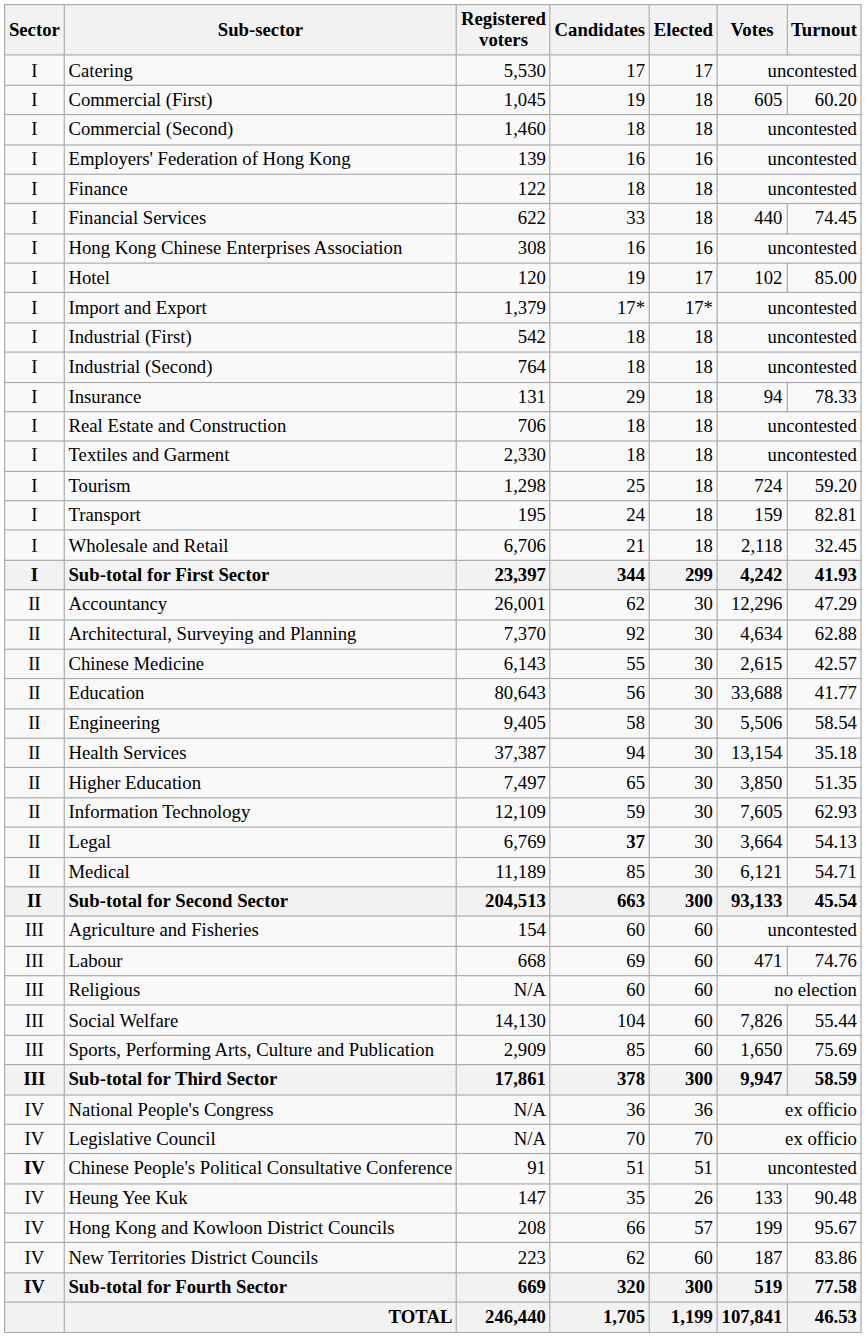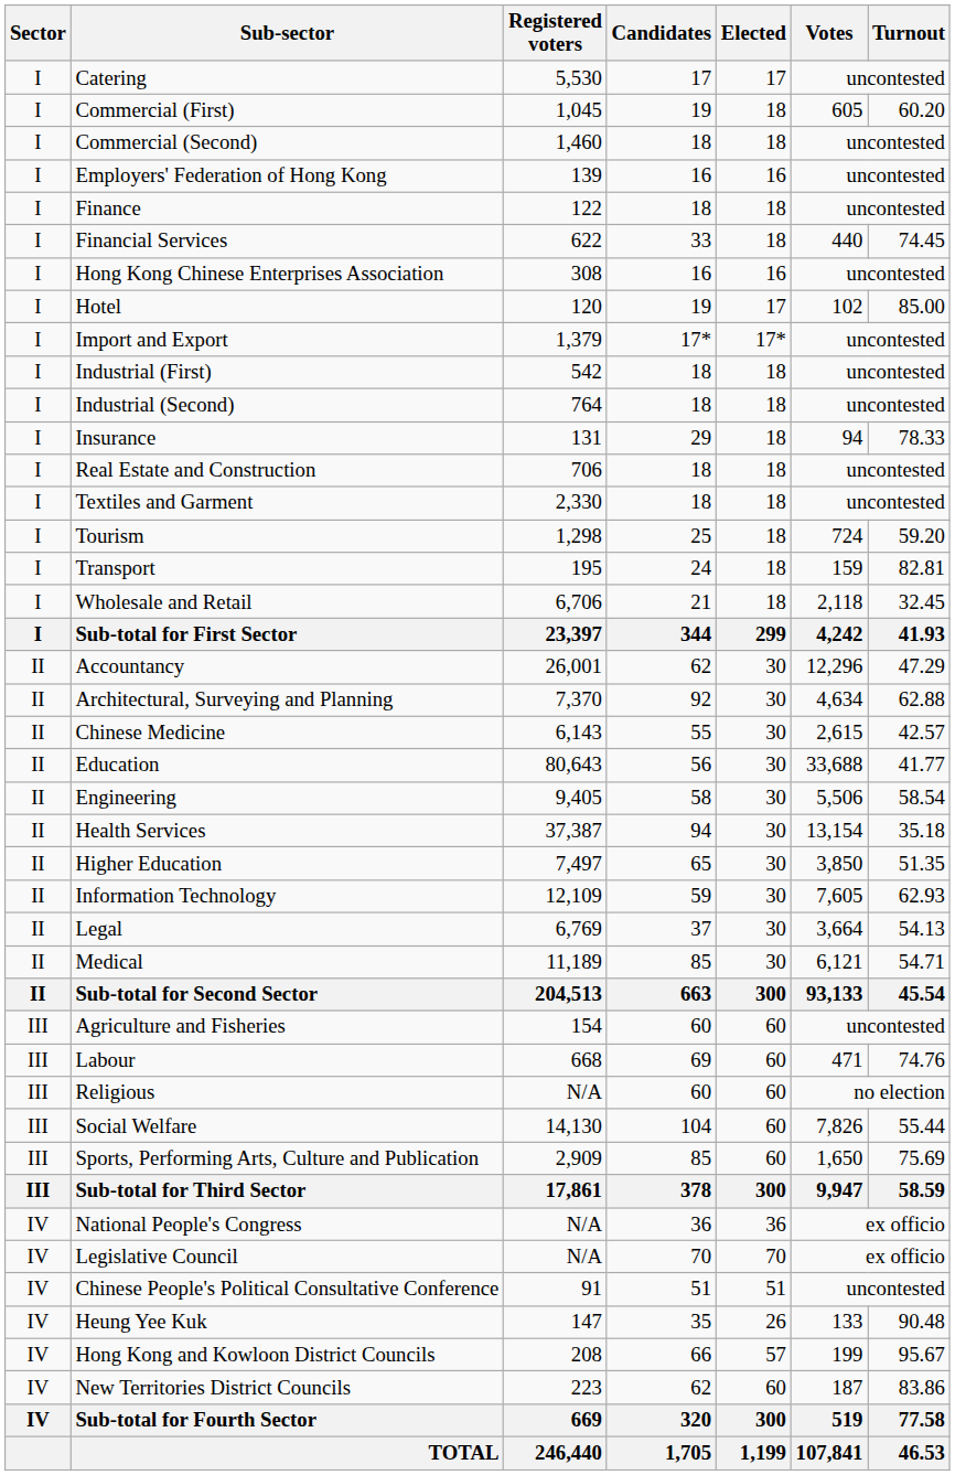 <table class="wikitable" style="text-align:right;">
 <tr>
 <th>Sector</th>
 <th>Sub-sector</th>
 <th>Registered<br>voters</th>
 <th>Candidates</th>
 <th>Elected</th>
 <th>Votes</th>
 <th>Turnout</th>
 </tr>
 <tr>
 <td align=center>I</td>
 <td align=left>Catering</td>
 <td>5,530</td>
 <td>17</td>
 <td>17</td>
 <td colspan=2>uncontested</td>
 </tr>
 <tr>
 <td align=center>I</td>
 <td align=left>Commercial (First)</td>
 <td>1,045</td>
 <td>19</td>
 <td>18</td>
 <td>605</td>
 <td>60.20</td>
 </tr>
 <tr>
 <td align=center>I</td>
 <td align=left>Commercial (Second)</td>
 <td>1,460</td>
 <td>18</td>
 <td>18</td>
 <td colspan=2>uncontested</td>
 </tr>
 <tr>
 <td align=center>I</td>
 <td align=left>Employers' Federation of Hong Kong</td>
 <td>139</td>
 <td>16</td>
 <td>16</td>
 <td colspan=2>uncontested</td>
 </tr>
 <tr>
 <td align=center>I</td>
 <td align=left>Finance</td>
 <td>122</td>
 <td>18</td>
 <td>18</td>
 <td colspan=2>uncontested</td>
 </tr>
 <tr>
 <td align=center>I</td>
 <td align=left>Financial Services</td>
 <td>622</td>
 <td>33</td>
 <td>18</td>
 <td>440</td>
 <td>74.45</td>
 </tr>
 <tr>
 <td align=center>I</td>
 <td align=left>Hong Kong Chinese Enterprises Association</td>
 <td>308</td>
 <td>16</td>
 <td>16</td>
 <td colspan=2>uncontested</td>
 </tr>
 <tr>
 <td align=center>I</td>
 <td align=left>Hotel</td>
 <td>120</td>
 <td>19</td>
 <td>17</td>
 <td>102</td>
 <td>85.00</td>
 </tr>
 <tr>
 <td align=center>I</td>
 <td align=left>Import and Export</td>
 <td>1,379</td>
 <td>17*</td>
 <td>17*</td>
 <td colspan=2>uncontested</td>
 </tr>
 <tr>
 <td align=center>I</td>
 <td align=left>Industrial (First)</td>
 <td>542</td>
 <td>18</td>
 <td>18</td>
 <td colspan=2>uncontested</td>
 </tr>
 <tr>
 <td align=center>I</td>
 <td align=left>Industrial (Second)</td>
 <td>764</td>
 <td>18</td>
 <td>18</td>
 <td colspan=2>uncontested</td>
 </tr>
 <tr>
 <td align=center>I</td>
 <td align=left>Insurance</td>
 <td>131</td>
 <td>29</td>
 <td>18</td>
 <td>94</td>
 <td>78.33</td>
 </tr>
 <tr>
 <td align=center>I</td>
 <td align=left>Real Estate and Construction</td>
 <td>706</td>
 <td>18</td>
 <td>18</td>
 <td colspan=2>uncontested</td>
 </tr>
 <tr>
 <td align=center>I</td>
 <td align=left>Textiles and Garment</td>
 <td>2,330</td>
 <td>18</td>
 <td>18</td>
 <td colspan=2>uncontested</td>
 </tr>
 <tr>
 <td align=center>I</td>
 <td align=left>Tourism</td>
 <td>1,298</td>
 <td>25</td>
 <td>18</td>
 <td>724</td>
 <td>59.20</td>
 </tr>
 <tr>
 <td align=center>I</td>
 <td align=left>Transport</td>
 <td>195</td>
 <td>24</td>
 <td>18</td>
 <td>159</td>
 <td>82.81</td>
 </tr>
 <tr>
 <td align=center>I</td>
 <td align=left>Wholesale and Retail</td>
 <td>6,706</td>
 <td>21</td>
 <td>18</td>
 <td>2,118</td>
 <td>32.45</td>
 </tr>
 <tr bgcolor="F2F2F2">
 <td align=center><strong>I</strong></td>
 <td align=left><strong>Sub-total for First Sector</strong></td>
 <td><strong>23,397</strong></td>
 <td><strong>344</strong></td>
 <td><strong>299</strong></td>
 <td><strong>4,242</strong></td>
 <td><strong>41.93</strong></td>
 </tr>
 <tr>
 <td align=center>II</td>
 <td align=left>Accountancy</td>
 <td>26,001</td>
 <td>62</td>
 <td>30</td>
 <td>12,296</td>
 <td>47.29</td>
 </tr>
 <tr>
 <td align=center>II</td>
 <td align=left>Architectural, Surveying and Planning</td>
 <td>7,370</td>
 <td>92</td>
 <td>30</td>
 <td>4,634</td>
 <td>62.88</td>
 </tr>
 <tr>
 <td align=center>II</td>
 <td align=left>Chinese Medicine</td>
 <td>6,143</td>
 <td>55</td>
 <td>30</td>
 <td>2,615</td>
 <td>42.57</td>
 </tr>
 <tr>
 <td align=center>II</td>
 <td align=left>Education</td>
 <td>80,643</td>
 <td>56</td>
 <td>30</td>
 <td>33,688</td>
 <td>41.77</td>
 </tr>
 <tr>
 <td align=center>II</td>
 <td align=left>Engineering</td>
 <td>9,405</td>
 <td>58</td>
 <td>30</td>
 <td>5,506</td>
 <td>58.54</td>
 </tr>
 <tr>
 <td align=center>II</td>
 <td align=left>Health Services</td>
 <td>37,387</td>
 <td>94</td>
 <td>30</td>
 <td>13,154</td>
 <td>35.18</td>
 </tr>
 <tr>
 <td align=center>II</td>
 <td align=left>Higher Education</td>
 <td>7,497</td>
 <td>65</td>
 <td>30</td>
 <td>3,850</td>
 <td>51.35</td>
 </tr>
 <tr>
 <td align=center>II</td>
 <td align=left>Information Technology</td>
 <td>12,109</td>
 <td>59</td>
 <td>30</td>
 <td>7,605</td>
 <td>62.93</td>
 </tr>
 <tr>
 <td align=center>II</td>
 <td align=left>Legal</td>
 <td>6,769</td>
-<td><strong>37</strong></td>
+<td>37</td>
 <td>30</td>
 <td>3,664</td>
 <td>54.13</td>
 </tr>
 <tr>
 <td align=center>II</td>
 <td align=left>Medical</td>
 <td>11,189</td>
 <td>85</td>
 <td>30</td>
 <td>6,121</td>
 <td>54.71</td>
 </tr>
 <tr bgcolor="F2F2F2">
 <td align=center><strong>II</strong></td>
 <td align=left><strong>Sub-total for Second Sector</strong></td>
 <td><strong>204,513</strong></td>
 <td><strong>663</strong></td>
 <td><strong>300</strong></td>
 <td><strong>93,133</strong></td>
 <td><strong>45.54</strong></td>
 </tr>
 <tr>
 <td align=center>III</td>
 <td align=left>Agriculture and Fisheries</td>
 <td>154</td>
 <td>60</td>
 <td>60</td>
 <td colspan=2>uncontested</td>
 </tr>
 <tr>
 <td align=center>III</td>
 <td align=left>Labour</td>
 <td>668</td>
 <td>69</td>
 <td>60</td>
 <td>471</td>
 <td>74.76</td>
 </tr>
 <tr>
 <td align=center>III</td>
 <td align=left>Religious</td>
 <td>N/A</td>
 <td>60</td>
 <td>60</td>
 <td colspan=2>no election</td>
 </tr>
 <tr>
 <td align=center>III</td>
 <td align=left>Social Welfare</td>
 <td>14,130</td>
 <td>104</td>
 <td>60</td>
 <td>7,826</td>
 <td>55.44</td>
 </tr>
 <tr>
 <td align=center>III</td>
 <td align=left>Sports, Performing Arts, Culture and Publication</td>
 <td>2,909</td>
 <td>85</td>
 <td>60</td>
 <td>1,650</td>
 <td>75.69</td>
 </tr>
 <tr bgcolor="F2F2F2">
 <td align=center><strong>III</strong></td>
 <td align=left><strong>Sub-total for Third Sector</strong></td>
 <td><strong>17,861</strong></td>
 <td><strong>378</strong></td>
 <td><strong>300</strong></td>
 <td><strong>9,947</strong></td>
 <td><strong>58.59</strong></td>
 </tr>
 <tr>
 <td align=center>IV</td>
 <td align=left>National People's Congress</td>
 <td>N/A</td>
 <td>36</td>
 <td>36</td>
 <td colspan=2>ex officio</td>
 </tr>
 <tr>
 <td align=center>IV</td>
 <td align=left>Legislative Council</td>
 <td>N/A</td>
 <td>70</td>
 <td>70</td>
 <td colspan=2>ex officio</td>
 </tr>
 <tr>
-<td align=center><strong>IV</strong></td>
+<td align=center>IV</td>
 <td align=left>Chinese People's Political Consultative Conference</td>
 <td>91</td>
 <td>51</td>
 <td>51</td>
 <td colspan=2>uncontested</td>
 </tr>
 <tr>
 <td align=center>IV</td>
 <td align=left>Heung Yee Kuk</td>
 <td>147</td>
 <td>35</td>
 <td>26</td>
 <td>133</td>
 <td>90.48</td>
 </tr>
 <tr>
 <td align=center>IV</td>
 <td align=left>Hong Kong and Kowloon District Councils</td>
 <td>208</td>
 <td>66</td>
 <td>57</td>
 <td>199</td>
 <td>95.67</td>
 </tr>
 <tr>
 <td align=center>IV</td>
 <td align=left>New Territories District Councils</td>
 <td>223</td>
 <td>62</td>
 <td>60</td>
 <td>187</td>
 <td>83.86</td>
 </tr>
 <tr bgcolor="F2F2F2">
 <td align=center><strong>IV</strong></td>
 <td align=left><strong>Sub-total for Fourth Sector</strong></td>
 <td><strong>669</strong></td>
 <td><strong>320</strong></td>
 <td><strong>300</strong></td>
 <td><strong>519</strong></td>
 <td><strong>77.58</strong></td>
 </tr>
 <tr bgcolor="F2F2F2">
 <td></td>
 <td><strong>TOTAL</strong></td>
 <td><strong>246,440</strong></td>
 <td><strong>1,705</strong></td>
 <td><strong>1,199</strong></td>
 <td><strong>107,841</strong></td>
 <td><strong>46.53</strong></td>
 </tr>
 </table>
